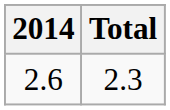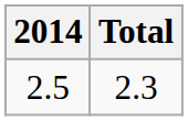 <table class="wikitable" style="text-align:center">
 <tr>
 <th>2014</th>
 <th>Total</th>
 </tr>
 <tr>
-<td>2.6</td>
+<td>2.5</td>
 <td>2.3</td>
 </tr>
 </table>
